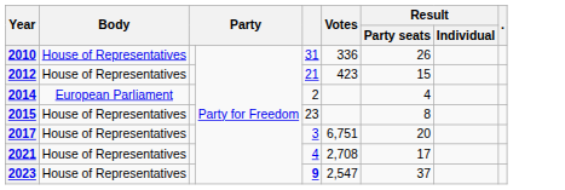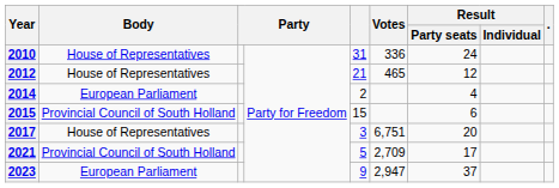 <table class="wikitable plainrowheaders sortable" border=2 cellpadding=4 cellspacing=0 style="border: 1px #aaa solid; font-size: 90%; text-align:center;">
 <tr>
 <th scope="col" rowspan=2>Year</th>
 <th scope="col" rowspan=2>Body</th>
 <th scope="col" colspan=2 rowspan=2>Party</th>
 <th scope="col" rowspan=2></th>
 <th scope="col" rowspan=2>Votes</th>
 <th scope="colgroup" colspan=2>Result</th>
 <th scope="col" rowspan=2 class="unsortable">.</th>
 </tr>
 <tr>
 <th scope="col">Party seats</th>
 <th scope="col">Individual</th>
 </tr>
 <tr>
 <th scope="row"><a href='#'>2010</a></th>
 <td><a href='#'>House of Representatives</a></td>
 <td style="background-color:"></td>
 <td rowspan="7"><a href='#'>Party for Freedom</a></td>
 <td style=text-align:right><a href='#'>31</a></td>
 <td style=text-align:right>336</td>
-<td style=text-align:right>26</td>
+<td style=text-align:right>24</td>
 <td></td>
 <td></td>
 </tr>
 <tr>
 <th scope="row"><a href='#'>2012</a></th>
 <td>House of Representatives</td>
 <td style="background-color:"></td>
 <td style=text-align:right><a href='#'>21</a></td>
-<td style=text-align:right>423</td>
-<td style=text-align:right>15</td>
+<td style=text-align:right>465</td>
+<td style=text-align:right>12</td>
 <td></td>
 <td></td>
 </tr>
 <tr>
 <th scope="row"><a href='#'>2014</a></th>
 <td><a href='#'>European Parliament</a></td>
 <td style="background-color:"></td>
 <td style=text-align:right>2</td>
 <td style=text-align:right></td>
 <td style=text-align:right>4</td>
 <td></td>
 <td></td>
 </tr>
 <tr>
 <th scope="row"><a href='#'>2015</a></th>
-<td>House of Representatives</td>
+<td><a href='#'>Provincial Council of South Holland</a></td>
 <td style="background-color:"></td>
-<td style=text-align:right>23</td>
+<td style=text-align:right>15</td>
 <td style=text-align:right></td>
-<td style=text-align:right>8</td>
+<td style=text-align:right>6</td>
 <td></td>
 <td></td>
 </tr>
 <tr>
 <th scope="row"><a href='#'>2017</a></th>
 <td>House of Representatives</td>
 <td style="background-color:"></td>
 <td style=text-align:right><a href='#'>3</a></td>
 <td style=text-align:right>6,751</td>
 <td style=text-align:right>20</td>
 <td></td>
 <td></td>
 </tr>
 <tr>
 <th scope="row"><a href='#'>2021</a></th>
-<td>House of Representatives</td>
+<td><a href='#'>Provincial Council of South Holland</a></td>
 <td style="background-color:"></td>
-<td style=text-align:right><a href='#'>4</a></td>
-<td style=text-align:right>2,708</td>
+<td style=text-align:right><a href='#'>5</a></td>
+<td style=text-align:right>2,709</td>
 <td style=text-align:right>17</td>
 <td></td>
 <td></td>
 </tr>
 <tr>
 <th scope="row"><a href='#'>2023</a></th>
-<td>House of Representatives</td>
+<td><a href='#'>European Parliament</a></td>
 <td style="background-color:"></td>
-<td style=text-align:right><strong><a href='#'>9</a></strong></td>
-<td style=text-align:right>2,547</td>
+<td style=text-align:right><a href='#'>9</a></td>
+<td style=text-align:right>2,947</td>
 <td style=text-align:right>37</td>
 <td></td>
 <td></td>
 </tr>
 </table>
